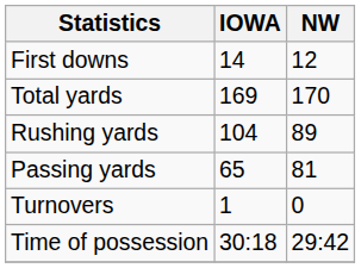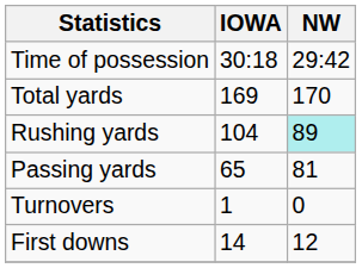 <table class="wikitable">
 <tr>
 <th>Statistics</th>
 <th>IOWA</th>
 <th>NW</th>
 </tr>
 <tr>
-<td>First downs</td>
-<td>14</td>
-<td>12</td>
+<td>Time of possession</td>
+<td>30:18</td>
+<td>29:42</td>
 </tr>
 <tr>
 <td>Total yards</td>
 <td>169</td>
 <td>170</td>
 </tr>
 <tr>
 <td>Rushing yards</td>
 <td>104</td>
-<td>89</td>
+<td style="background: paleturquoise;">89</td>
 </tr>
 <tr>
 <td>Passing yards</td>
 <td>65</td>
 <td>81</td>
 </tr>
 <tr>
 <td>Turnovers</td>
 <td>1</td>
 <td>0</td>
 </tr>
 <tr>
-<td>Time of possession</td>
-<td>30:18</td>
-<td>29:42</td>
+<td>First downs</td>
+<td>14</td>
+<td>12</td>
 </tr>
 <tr>
 </tr>
 </table>
